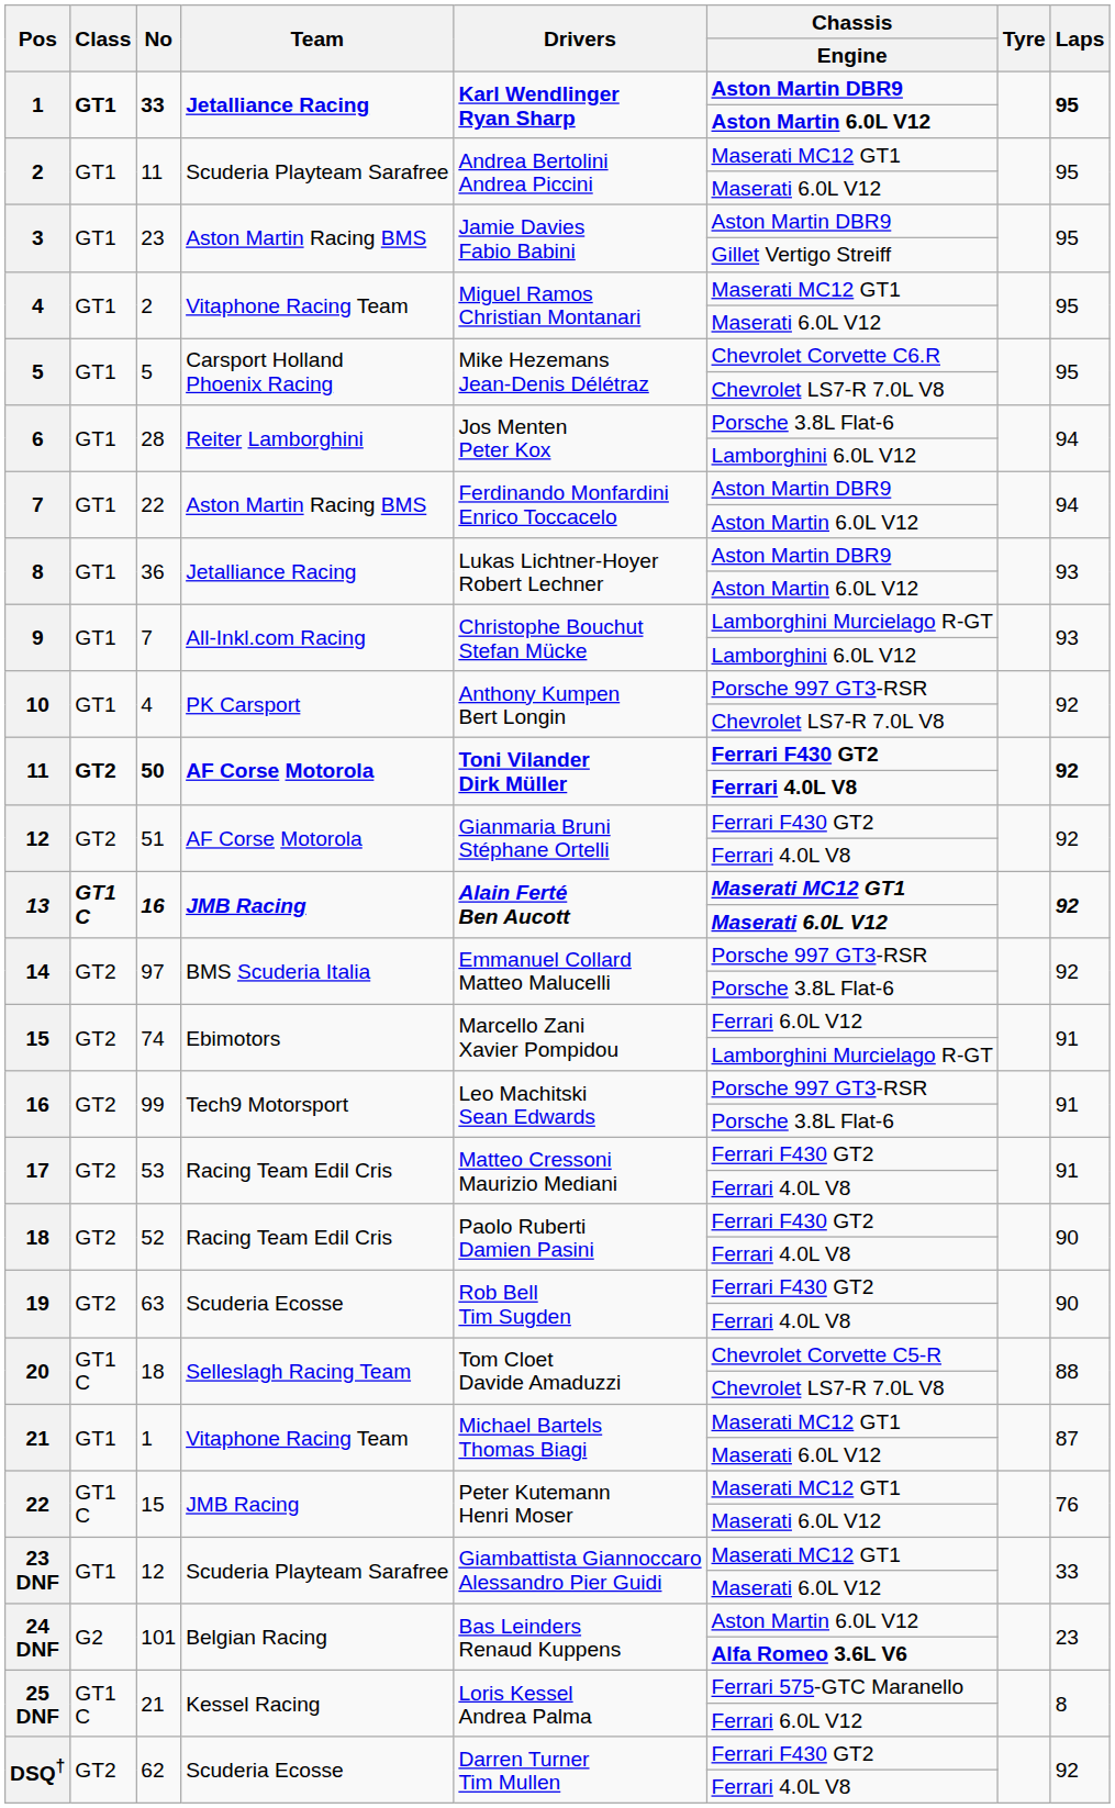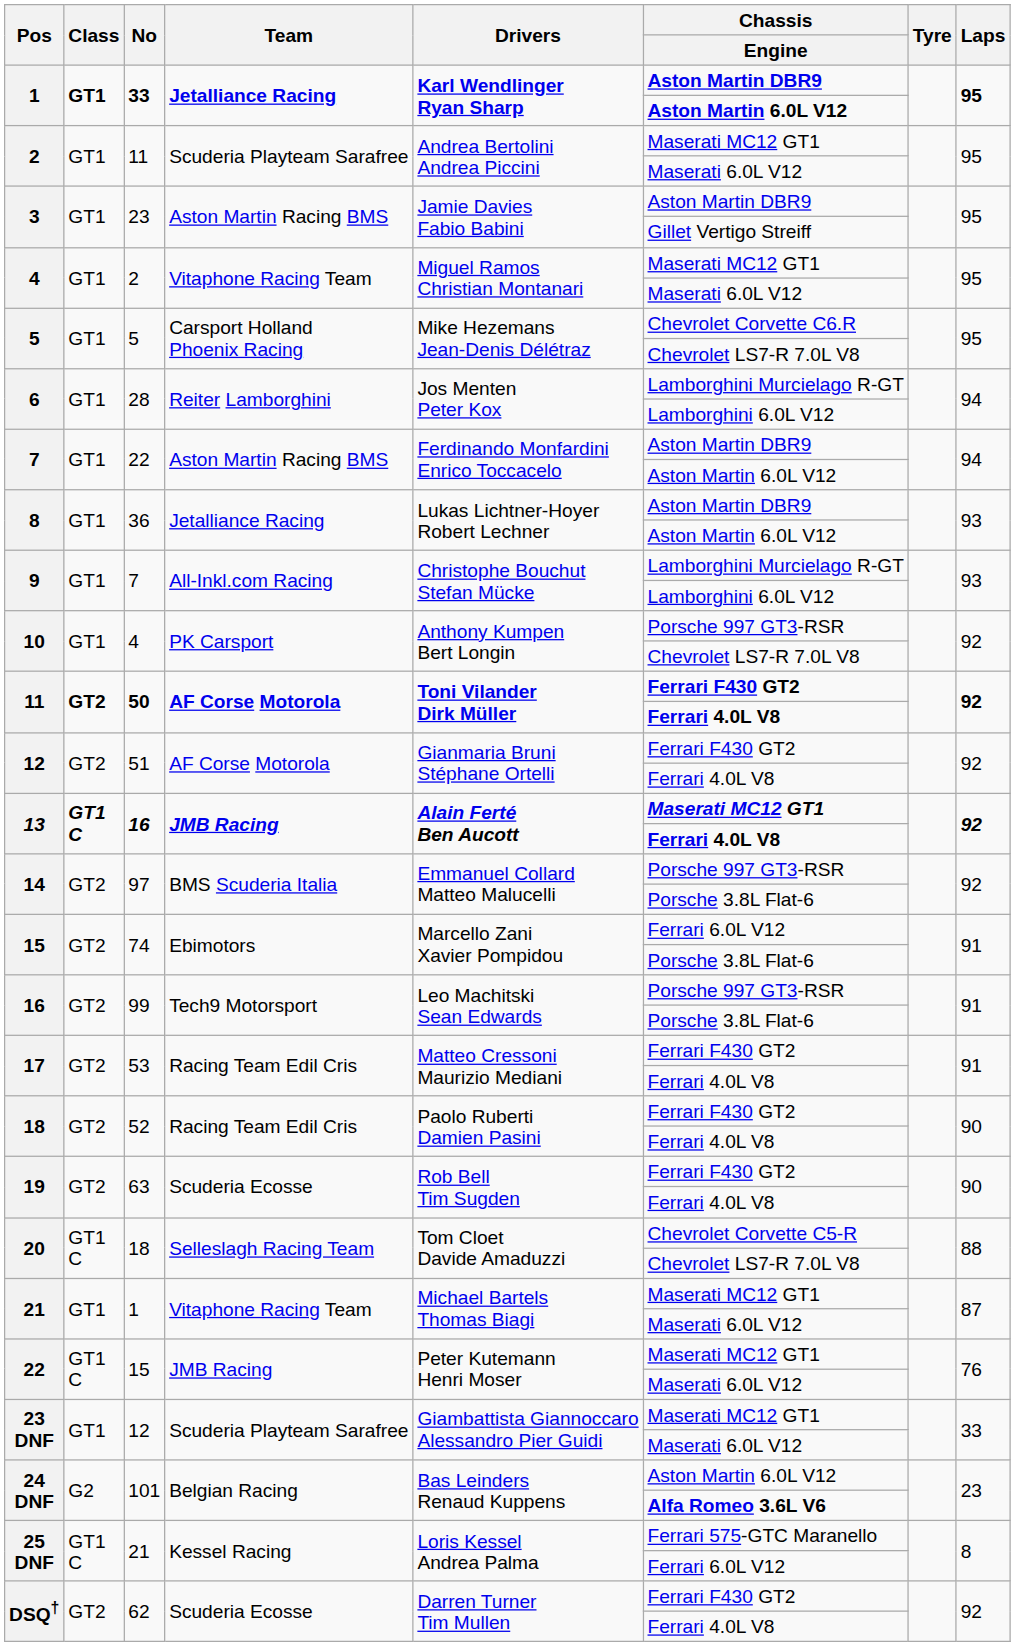 <table class="wikitable" style="font-size: 95%;">
 <tr>
 <th rowspan=2>Pos</th>
 <th rowspan=2>Class</th>
 <th rowspan=2>No</th>
 <th rowspan=2>Team</th>
 <th rowspan=2>Drivers</th>
 <th>Chassis</th>
 <th rowspan=2>Tyre</th>
 <th rowspan=2>Laps</th>
 </tr>
 <tr>
 <th>Engine</th>
 </tr>
 <tr style="font-weight:bold">
 <th rowspan=2>1</th>
 <td rowspan=2>GT1</td>
 <td rowspan=2>33</td>
 <td rowspan=2> <a href='#'>Jetalliance Racing</a></td>
 <td rowspan=2> <a href='#'>Karl Wendlinger</a><br> <a href='#'>Ryan Sharp</a></td>
 <td><a href='#'>Aston Martin DBR9</a></td>
 <td rowspan=2></td>
 <td rowspan=2>95</td>
 </tr>
 <tr style="font-weight:bold">
 <td><a href='#'>Aston Martin</a> 6.0L V12</td>
 </tr>
 <tr>
 <th rowspan=2>2</th>
 <td rowspan=2>GT1</td>
 <td rowspan=2>11</td>
 <td rowspan=2> Scuderia Playteam Sarafree</td>
 <td rowspan=2> <a href='#'>Andrea Bertolini</a><br> <a href='#'>Andrea Piccini</a></td>
 <td><a href='#'>Maserati MC12</a> GT1</td>
 <td rowspan=2></td>
 <td rowspan=2>95</td>
 </tr>
 <tr>
 <td><a href='#'>Maserati</a> 6.0L V12</td>
 </tr>
 <tr>
 <th rowspan=2>3</th>
 <td rowspan=2>GT1</td>
 <td rowspan=2>23</td>
 <td rowspan=2> <a href='#'>Aston Martin</a> Racing <a href='#'>BMS</a></td>
 <td rowspan=2> <a href='#'>Jamie Davies</a><br> <a href='#'>Fabio Babini</a></td>
 <td><a href='#'>Aston Martin DBR9</a></td>
 <td rowspan=2></td>
 <td rowspan=2>95</td>
 </tr>
 <tr>
 <td><a href='#'>Gillet</a> Vertigo Streiff</td>
 </tr>
 <tr>
 <th rowspan=2>4</th>
 <td rowspan=2>GT1</td>
 <td rowspan=2>2</td>
 <td rowspan=2> <a href='#'>Vitaphone Racing</a> Team</td>
 <td rowspan=2> <a href='#'>Miguel Ramos</a><br> <a href='#'>Christian Montanari</a></td>
 <td><a href='#'>Maserati MC12</a> GT1</td>
 <td rowspan=2></td>
 <td rowspan=2>95</td>
 </tr>
 <tr>
 <td><a href='#'>Maserati</a> 6.0L V12</td>
 </tr>
 <tr>
 <th rowspan=2>5</th>
 <td rowspan=2>GT1</td>
 <td rowspan=2>5</td>
 <td rowspan=2> Carsport Holland<br> <a href='#'>Phoenix Racing</a></td>
 <td rowspan=2> Mike Hezemans<br> <a href='#'>Jean-Denis Délétraz</a></td>
 <td><a href='#'>Chevrolet Corvette C6.R</a></td>
 <td rowspan=2></td>
 <td rowspan=2>95</td>
 </tr>
 <tr>
 <td><a href='#'>Chevrolet</a> LS7-R 7.0L V8</td>
 </tr>
 <tr>
 <th rowspan=2>6</th>
 <td rowspan=2>GT1</td>
 <td rowspan=2>28</td>
 <td rowspan=2> <a href='#'>Reiter</a> <a href='#'>Lamborghini</a></td>
 <td rowspan=2> Jos Menten<br> <a href='#'>Peter Kox</a></td>
-<td><a href='#'>Porsche</a> 3.8L Flat-6</td>
+<td><a href='#'>Lamborghini Murcielago</a> R-GT</td>
 <td rowspan=2></td>
 <td rowspan=2>94</td>
 </tr>
 <tr>
 <td><a href='#'>Lamborghini</a> 6.0L V12</td>
 </tr>
 <tr>
 <th rowspan=2>7</th>
 <td rowspan=2>GT1</td>
 <td rowspan=2>22</td>
 <td rowspan=2> <a href='#'>Aston Martin</a> Racing <a href='#'>BMS</a></td>
 <td rowspan=2> <a href='#'>Ferdinando Monfardini</a><br> <a href='#'>Enrico Toccacelo</a></td>
 <td><a href='#'>Aston Martin DBR9</a></td>
 <td rowspan=2></td>
 <td rowspan=2>94</td>
 </tr>
 <tr>
 <td><a href='#'>Aston Martin</a> 6.0L V12</td>
 </tr>
 <tr>
 <th rowspan=2>8</th>
 <td rowspan=2>GT1</td>
 <td rowspan=2>36</td>
 <td rowspan=2> <a href='#'>Jetalliance Racing</a></td>
 <td rowspan=2> Lukas Lichtner-Hoyer<br> Robert Lechner</td>
 <td><a href='#'>Aston Martin DBR9</a></td>
 <td rowspan=2></td>
 <td rowspan=2>93</td>
 </tr>
 <tr>
 <td><a href='#'>Aston Martin</a> 6.0L V12</td>
 </tr>
 <tr>
 <th rowspan=2>9</th>
 <td rowspan=2>GT1</td>
 <td rowspan=2>7</td>
 <td rowspan=2> <a href='#'>All-Inkl.com Racing</a></td>
 <td rowspan=2> <a href='#'>Christophe Bouchut</a><br> <a href='#'>Stefan Mücke</a></td>
 <td><a href='#'>Lamborghini Murcielago</a> R-GT</td>
 <td rowspan=2></td>
 <td rowspan=2>93</td>
 </tr>
 <tr>
 <td><a href='#'>Lamborghini</a> 6.0L V12</td>
 </tr>
 <tr>
 <th rowspan=2>10</th>
 <td rowspan=2>GT1</td>
 <td rowspan=2>4</td>
 <td rowspan=2> <a href='#'>PK Carsport</a></td>
 <td rowspan=2> <a href='#'>Anthony Kumpen</a><br> Bert Longin</td>
 <td><a href='#'>Porsche 997 GT3</a>-RSR</td>
 <td rowspan=2></td>
 <td rowspan=2>92</td>
 </tr>
 <tr>
 <td><a href='#'>Chevrolet</a> LS7-R 7.0L V8</td>
 </tr>
 <tr style="font-weight:bold">
 <th rowspan=2>11</th>
 <td rowspan=2>GT2</td>
 <td rowspan=2>50</td>
 <td rowspan=2> <a href='#'>AF Corse</a> <a href='#'>Motorola</a></td>
 <td rowspan=2> <a href='#'>Toni Vilander</a><br> <a href='#'>Dirk Müller</a></td>
 <td><a href='#'>Ferrari F430</a> GT2</td>
 <td rowspan=2></td>
 <td rowspan=2>92</td>
 </tr>
 <tr style="font-weight:bold">
 <td><a href='#'>Ferrari</a> 4.0L V8</td>
 </tr>
 <tr>
 <th rowspan=2>12</th>
 <td rowspan=2>GT2</td>
 <td rowspan=2>51</td>
 <td rowspan=2> <a href='#'>AF Corse</a> <a href='#'>Motorola</a></td>
 <td rowspan=2> <a href='#'>Gianmaria Bruni</a><br> <a href='#'>Stéphane Ortelli</a></td>
 <td><a href='#'>Ferrari F430</a> GT2</td>
 <td rowspan=2></td>
 <td rowspan=2>92</td>
 </tr>
 <tr>
 <td><a href='#'>Ferrari</a> 4.0L V8</td>
 </tr>
 <tr style="font-weight:bold">
 <th rowspan=2><em>13</em></th>
 <td rowspan=2><em>GT1<br>C</em></td>
 <td rowspan=2><em>16</em></td>
 <td rowspan=2><em> <a href='#'>JMB Racing</a></em></td>
 <td rowspan=2><em> <a href='#'>Alain Ferté</a><br> Ben Aucott</em></td>
 <td><em><a href='#'>Maserati MC12</a> GT1</em></td>
 <td rowspan=2></td>
 <td rowspan=2><em>92</em></td>
 </tr>
 <tr style="font-weight:bold">
-<td><em><a href='#'>Maserati</a> 6.0L V12</em></td>
+<td><a href='#'>Ferrari</a> 4.0L V8</td>
 </tr>
 <tr>
 <th rowspan=2>14</th>
 <td rowspan=2>GT2</td>
 <td rowspan=2>97</td>
 <td rowspan=2> BMS <a href='#'>Scuderia Italia</a></td>
 <td rowspan=2> <a href='#'>Emmanuel Collard</a><br> Matteo Malucelli</td>
 <td><a href='#'>Porsche 997 GT3</a>-RSR</td>
 <td rowspan=2></td>
 <td rowspan=2>92</td>
 </tr>
 <tr>
 <td><a href='#'>Porsche</a> 3.8L Flat-6</td>
 </tr>
 <tr>
 <th rowspan=2>15</th>
 <td rowspan=2>GT2</td>
 <td rowspan=2>74</td>
 <td rowspan=2> Ebimotors</td>
 <td rowspan=2> Marcello Zani<br> Xavier Pompidou</td>
 <td><a href='#'>Ferrari</a> 6.0L V12</td>
 <td rowspan=2></td>
 <td rowspan=2>91</td>
 </tr>
 <tr>
-<td><a href='#'>Lamborghini Murcielago</a> R-GT</td>
+<td><a href='#'>Porsche</a> 3.8L Flat-6</td>
 </tr>
 <tr>
 <th rowspan=2>16</th>
 <td rowspan=2>GT2</td>
 <td rowspan=2>99</td>
 <td rowspan=2> Tech9 Motorsport</td>
 <td rowspan=2> Leo Machitski<br> <a href='#'>Sean Edwards</a></td>
 <td><a href='#'>Porsche 997 GT3</a>-RSR</td>
 <td rowspan=2></td>
 <td rowspan=2>91</td>
 </tr>
 <tr>
 <td><a href='#'>Porsche</a> 3.8L Flat-6</td>
 </tr>
 <tr>
 <th rowspan=2>17</th>
 <td rowspan=2>GT2</td>
 <td rowspan=2>53</td>
 <td rowspan=2> Racing Team Edil Cris</td>
 <td rowspan=2> <a href='#'>Matteo Cressoni</a><br> Maurizio Mediani</td>
 <td><a href='#'>Ferrari F430</a> GT2</td>
 <td rowspan=2></td>
 <td rowspan=2>91</td>
 </tr>
 <tr>
 <td><a href='#'>Ferrari</a> 4.0L V8</td>
 </tr>
 <tr>
 <th rowspan=2>18</th>
 <td rowspan=2>GT2</td>
 <td rowspan=2>52</td>
 <td rowspan=2> Racing Team Edil Cris</td>
 <td rowspan=2> Paolo Ruberti<br> <a href='#'>Damien Pasini</a></td>
 <td><a href='#'>Ferrari F430</a> GT2</td>
 <td rowspan=2></td>
 <td rowspan=2>90</td>
 </tr>
 <tr>
 <td><a href='#'>Ferrari</a> 4.0L V8</td>
 </tr>
 <tr>
 <th rowspan=2>19</th>
 <td rowspan=2>GT2</td>
 <td rowspan=2>63</td>
 <td rowspan=2> Scuderia Ecosse</td>
 <td rowspan=2> <a href='#'>Rob Bell</a><br> <a href='#'>Tim Sugden</a></td>
 <td><a href='#'>Ferrari F430</a> GT2</td>
 <td rowspan=2></td>
 <td rowspan=2>90</td>
 </tr>
 <tr>
 <td><a href='#'>Ferrari</a> 4.0L V8</td>
 </tr>
 <tr>
 <th rowspan=2>20</th>
 <td rowspan=2>GT1<br>C</td>
 <td rowspan=2>18</td>
 <td rowspan=2> <a href='#'>Selleslagh Racing Team</a></td>
 <td rowspan=2> Tom Cloet<br> Davide Amaduzzi</td>
 <td><a href='#'>Chevrolet Corvette C5-R</a></td>
 <td rowspan=2></td>
 <td rowspan=2>88</td>
 </tr>
 <tr>
 <td><a href='#'>Chevrolet</a> LS7-R 7.0L V8</td>
 </tr>
 <tr>
 <th rowspan=2>21</th>
 <td rowspan=2>GT1</td>
 <td rowspan=2>1</td>
 <td rowspan=2> <a href='#'>Vitaphone Racing</a> Team</td>
 <td rowspan=2> <a href='#'>Michael Bartels</a><br> <a href='#'>Thomas Biagi</a></td>
 <td><a href='#'>Maserati MC12</a> GT1</td>
 <td rowspan=2></td>
 <td rowspan=2>87</td>
 </tr>
 <tr>
 <td><a href='#'>Maserati</a> 6.0L V12</td>
 </tr>
 <tr>
 <th rowspan=2>22</th>
 <td rowspan=2>GT1<br>C</td>
 <td rowspan=2>15</td>
 <td rowspan=2> <a href='#'>JMB Racing</a></td>
 <td rowspan=2> Peter Kutemann<br> Henri Moser</td>
 <td><a href='#'>Maserati MC12</a> GT1</td>
 <td rowspan=2></td>
 <td rowspan=2>76</td>
 </tr>
 <tr>
 <td><a href='#'>Maserati</a> 6.0L V12</td>
 </tr>
 <tr>
 <th rowspan=2>23<br>DNF</th>
 <td rowspan=2>GT1</td>
 <td rowspan=2>12</td>
 <td rowspan=2> Scuderia Playteam Sarafree</td>
 <td rowspan=2> <a href='#'>Giambattista Giannoccaro</a><br> <a href='#'>Alessandro Pier Guidi</a></td>
 <td><a href='#'>Maserati MC12</a> GT1</td>
 <td rowspan=2></td>
 <td rowspan=2>33</td>
 </tr>
 <tr>
 <td><a href='#'>Maserati</a> 6.0L V12</td>
 </tr>
 <tr>
 <th rowspan=2>24<br>DNF</th>
 <td rowspan=2>G2</td>
 <td rowspan=2>101</td>
 <td rowspan=2> Belgian Racing</td>
 <td rowspan=2> <a href='#'>Bas Leinders</a><br> Renaud Kuppens</td>
 <td><a href='#'>Aston Martin</a> 6.0L V12</td>
 <td rowspan=2></td>
 <td rowspan=2>23</td>
 </tr>
 <tr>
 <td><strong><a href='#'>Alfa Romeo</a> 3.6L V6</strong></td>
 </tr>
 <tr>
 <th rowspan=2>25<br>DNF</th>
 <td rowspan=2>GT1<br>C</td>
 <td rowspan=2>21</td>
 <td rowspan=2> Kessel Racing</td>
 <td rowspan=2> <a href='#'>Loris Kessel</a><br> Andrea Palma</td>
 <td><a href='#'>Ferrari 575</a>-GTC Maranello</td>
 <td rowspan=2></td>
 <td rowspan=2>8</td>
 </tr>
 <tr>
 <td><a href='#'>Ferrari</a> 6.0L V12</td>
 </tr>
 <tr>
 <th rowspan=2>DSQ<sup>†</sup></th>
 <td rowspan=2>GT2</td>
 <td rowspan=2>62</td>
 <td rowspan=2> Scuderia Ecosse</td>
 <td rowspan=2> <a href='#'>Darren Turner</a><br> <a href='#'>Tim Mullen</a></td>
 <td><a href='#'>Ferrari F430</a> GT2</td>
 <td rowspan=2></td>
 <td rowspan=2>92</td>
 </tr>
 <tr>
 <td><a href='#'>Ferrari</a> 4.0L V8</td>
 </tr>
 </table>
